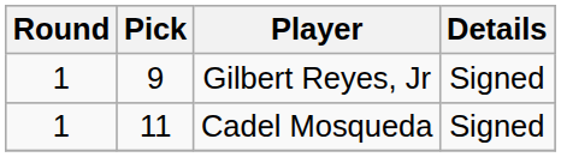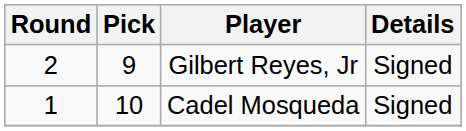 <table class="wikitable sortable sortable">
 <tr>
 <th>Round</th>
 <th>Pick</th>
 <th>Player</th>
 <th>Details</th>
 </tr>
 <tr style="text-align: center">
-<td>1</td>
+<td>2</td>
 <td>9</td>
 <td>Gilbert Reyes, Jr</td>
 <td>Signed</td>
 </tr>
 <tr style="text-align: center">
 <td>1</td>
-<td>11</td>
+<td>10</td>
 <td>Cadel Mosqueda</td>
 <td>Signed</td>
 </tr>
 <tr>
 </tr>
 </table>
